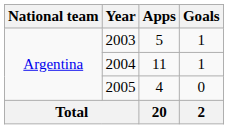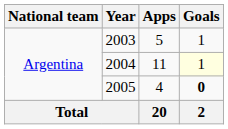 <table class="wikitable" style="text-align:center">
 <tr>
 <th>National team</th>
 <th>Year</th>
 <th>Apps</th>
 <th>Goals</th>
 </tr>
 <tr>
 <td rowspan="3"><a href='#'>Argentina</a></td>
 <td>2003</td>
 <td>5</td>
 <td>1</td>
 </tr>
 <tr>
 <td>2004</td>
 <td>11</td>
-<td>1</td>
+<td style="background: lightyellow;">1</td>
 </tr>
 <tr>
 <td>2005</td>
 <td>4</td>
-<td>0</td>
+<td><strong>0</strong></td>
 </tr>
 <tr>
 <th colspan="2">Total</th>
 <th>20</th>
 <th>2</th>
 </tr>
 </table>
